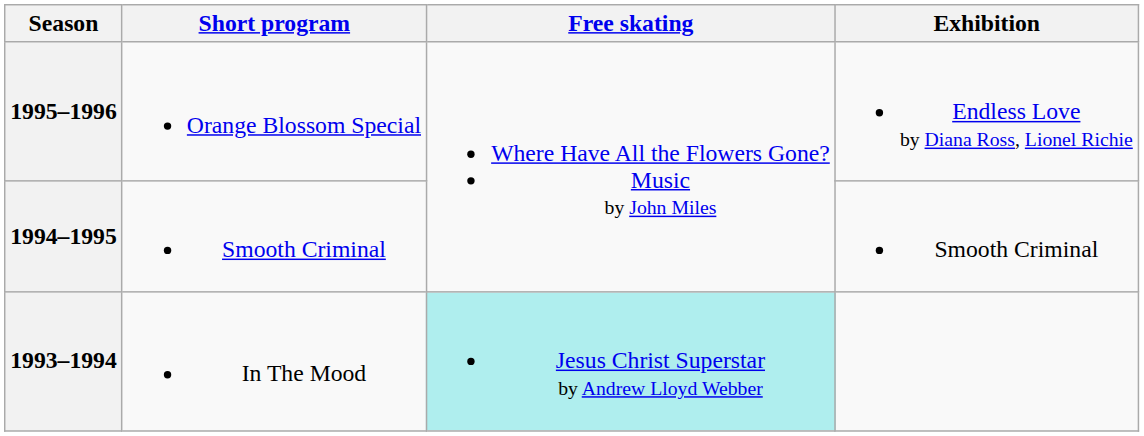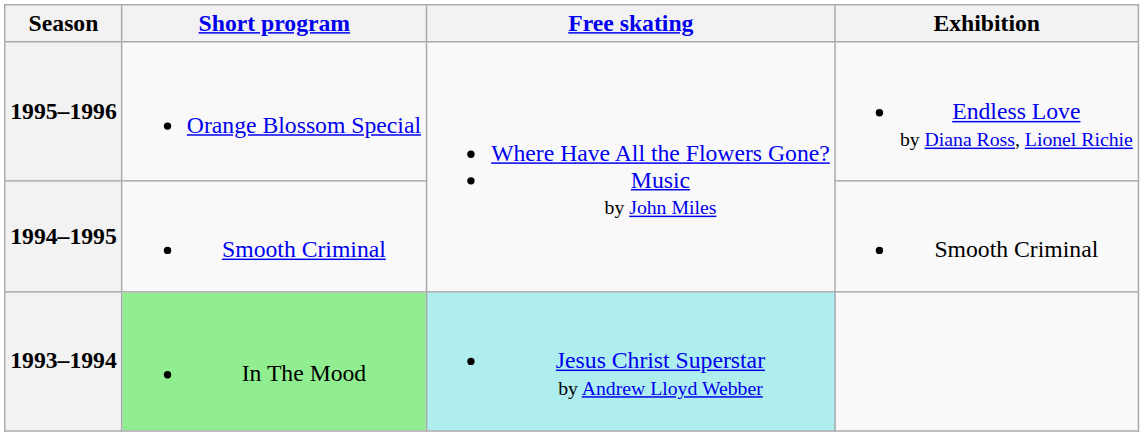 <table class="wikitable" style="text-align:center">
 <tr>
 <th>Season</th>
 <th><a href='#'>Short program</a></th>
 <th><a href='#'>Free skating</a></th>
 <th>Exhibition</th>
 </tr>
 <tr>
 <th>1995–1996</th>
 <td><br><ul><li><a href='#'>Orange Blossom Special</a></li></ul></td>
 <td rowspan=2><br><ul><li><a href='#'>Where Have All the Flowers Gone?</a></li><li><a href='#'>Music</a> <br><small> by <a href='#'>John Miles</a> </small></li></ul></td>
 <td><br><ul><li><a href='#'>Endless Love</a> <br><small> by <a href='#'>Diana Ross</a>, <a href='#'>Lionel Richie</a> </small></li></ul></td>
 </tr>
 <tr>
 <th>1994–1995</th>
 <td><br><ul><li><a href='#'>Smooth Criminal</a></li></ul></td>
 <td><br><ul><li>Smooth Criminal</li></ul></td>
 </tr>
 <tr>
 <th>1993–1994</th>
-<td><br><ul><li>In The Mood</li></ul></td>
+<td style="background: lightgreen;"><br><ul><li>In The Mood</li></ul></td>
 <td style="background: paleturquoise;"><br><ul><li><a href='#'>Jesus Christ Superstar</a> <br><small> by <a href='#'>Andrew Lloyd Webber</a> </small></li></ul></td>
 <td></td>
 </tr>
 </table>
